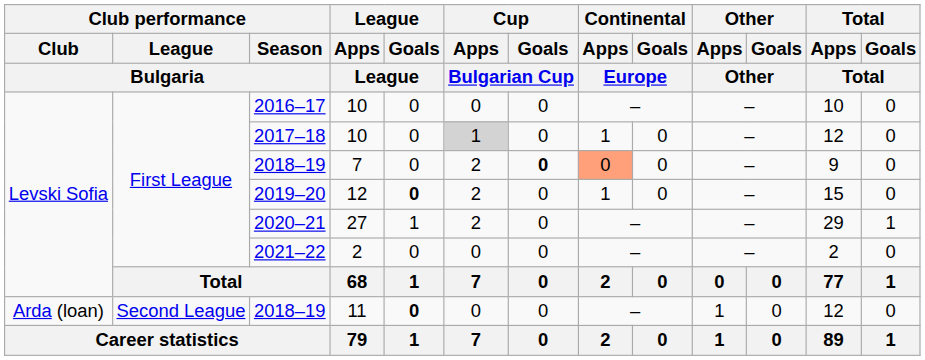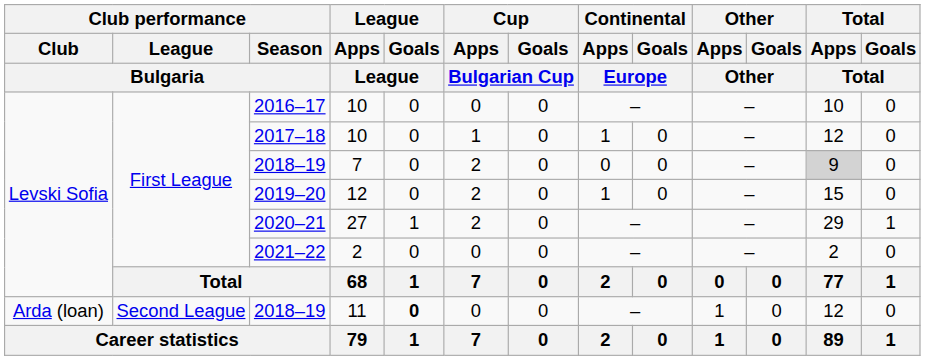 <table class="wikitable" style="text-align: center">
 <tr>
 <th Colspan="3">Club performance</th>
 <th Colspan="2">League</th>
 <th Colspan="2">Cup</th>
 <th Colspan="2">Continental</th>
 <th Colspan="2">Other</th>
 <th Colspan="3">Total</th>
 </tr>
 <tr>
 <th>Club</th>
 <th>League</th>
 <th>Season</th>
 <th>Apps</th>
 <th>Goals</th>
 <th>Apps</th>
 <th>Goals</th>
 <th>Apps</th>
 <th>Goals</th>
 <th>Apps</th>
 <th>Goals</th>
 <th>Apps</th>
 <th>Goals</th>
 </tr>
 <tr>
 <th Colspan="3">Bulgaria</th>
 <th Colspan="2">League</th>
 <th Colspan="2"><a href='#'>Bulgarian Cup</a></th>
 <th Colspan="2"><a href='#'>Europe</a></th>
 <th Colspan="2">Other</th>
 <th Colspan="2">Total</th>
 </tr>
 <tr>
 <td rowspan="7" valign="center"><a href='#'>Levski Sofia</a></td>
 <td rowspan="6"><a href='#'>First League</a></td>
 <td><a href='#'>2016–17</a></td>
 <td>10</td>
 <td>0</td>
 <td>0</td>
 <td>0</td>
 <td colspan="2">–</td>
 <td colspan="2">–</td>
 <td>10</td>
 <td>0</td>
 </tr>
 <tr>
 <td><a href='#'>2017–18</a></td>
 <td>10</td>
 <td>0</td>
-<td style="background: lightgrey;">1</td>
+<td>1</td>
 <td>0</td>
 <td>1</td>
 <td>0</td>
 <td colspan="2">–</td>
 <td>12</td>
 <td>0</td>
 </tr>
 <tr>
 <td><a href='#'>2018–19</a></td>
 <td>7</td>
 <td>0</td>
 <td>2</td>
-<td><strong>0</strong></td>
-<td style="background: lightsalmon;">0</td>
+<td>0</td>
+<td>0</td>
 <td>0</td>
 <td colspan="2">–</td>
-<td>9</td>
+<td style="background: lightgrey;">9</td>
 <td>0</td>
 </tr>
 <tr>
 <td><a href='#'>2019–20</a></td>
 <td>12</td>
-<td><strong>0</strong></td>
+<td>0</td>
 <td>2</td>
 <td>0</td>
 <td>1</td>
 <td>0</td>
 <td colspan="2">–</td>
 <td>15</td>
 <td>0</td>
 </tr>
 <tr>
 <td><a href='#'>2020–21</a></td>
 <td>27</td>
 <td>1</td>
 <td>2</td>
 <td>0</td>
 <td colspan="2">–</td>
 <td colspan="2">–</td>
 <td>29</td>
 <td>1</td>
 </tr>
 <tr>
 <td><a href='#'>2021–22</a></td>
 <td>2</td>
 <td>0</td>
 <td>0</td>
 <td>0</td>
 <td colspan="2">–</td>
 <td colspan="2">–</td>
 <td>2</td>
 <td>0</td>
 </tr>
 <tr>
 <th colspan=2>Total</th>
 <th>68</th>
 <th>1</th>
 <th>7</th>
 <th>0</th>
 <th>2</th>
 <th>0</th>
 <th>0</th>
 <th>0</th>
 <th>77</th>
 <th>1</th>
 </tr>
 <tr>
 <td rowspan="1" valign="center"><a href='#'>Arda</a> (loan)</td>
 <td rowspan="1"><a href='#'>Second League</a></td>
 <td><a href='#'>2018–19</a></td>
 <td>11</td>
 <td><strong>0</strong></td>
 <td>0</td>
 <td>0</td>
 <td colspan="2">–</td>
 <td>1</td>
 <td>0</td>
 <td>12</td>
 <td>0</td>
 </tr>
 <tr>
 <th colspan="3">Career statistics</th>
 <th>79</th>
 <th>1</th>
 <th>7</th>
 <th>0</th>
 <th>2</th>
 <th>0</th>
 <th>1</th>
 <th>0</th>
 <th>89</th>
 <th>1</th>
 </tr>
 </table>
